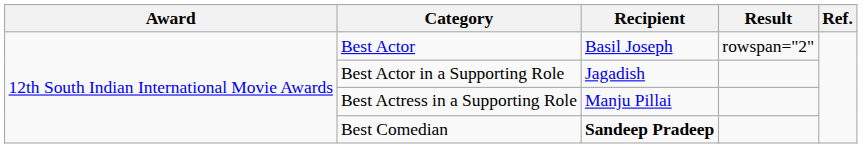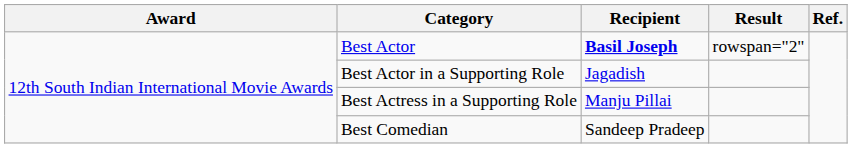 <table class="wikitable">
 <tr>
 <th>Award</th>
 <th>Category</th>
 <th>Recipient</th>
 <th>Result</th>
 <th>Ref.</th>
 </tr>
 <tr>
 <td rowspan="4"><a href='#'>12th South Indian International Movie Awards</a></td>
 <td><a href='#'>Best Actor</a></td>
-<td><a href='#'>Basil Joseph</a></td>
+<td><strong><a href='#'>Basil Joseph</a></strong></td>
 <td>rowspan="2" </td>
 <td rowspan="4"></td>
 </tr>
 <tr>
 <td>Best Actor in a Supporting Role</td>
 <td><a href='#'>Jagadish</a></td>
 </tr>
 <tr>
 <td>Best Actress in a Supporting Role</td>
 <td><a href='#'>Manju Pillai</a></td>
 <td></td>
 </tr>
 <tr>
 <td>Best Comedian</td>
-<td><strong>Sandeep Pradeep</strong></td>
+<td>Sandeep Pradeep</td>
 <td></td>
 </tr>
 </table>
